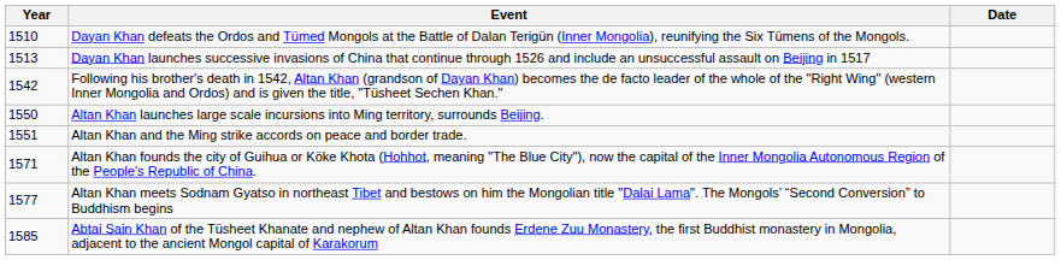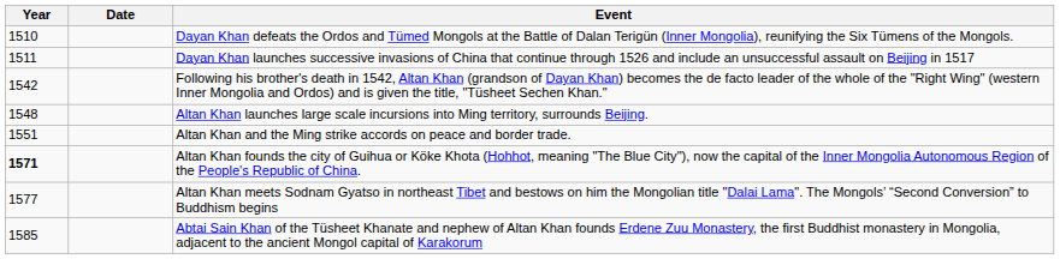 <table class="wikitable" width="100%">
 <tr>
 <th style="width:6%">Year</th>
+<th style="width:10%">Date</th>
 <th>Event</th>
-<th style="width:10%">Date</th>
 </tr>
 <tr>
 <td>1510</td>
+<td></td>
 <td><a href='#'>Dayan Khan</a> defeats the Ordos and <a href='#'>Tümed</a> Mongols at the Battle of Dalan Terigün (<a href='#'>Inner Mongolia</a>), reunifying the Six Tümens of the Mongols.</td>
-<td></td>
 </tr>
 <tr>
-<td>1513</td>
+<td>1511</td>
+<td></td>
 <td><a href='#'>Dayan Khan</a> launches successive invasions of China that continue through 1526 and include an unsuccessful assault on <a href='#'>Beijing</a> in 1517</td>
-<td></td>
 </tr>
 <tr>
 <td>1542</td>
+<td></td>
 <td>Following his brother's death in 1542, <a href='#'>Altan Khan</a> (grandson of <a href='#'>Dayan Khan</a>) becomes the de facto leader of the whole of the "Right Wing" (western Inner Mongolia and Ordos) and is given the title, "Tüsheet Sechen Khan."</td>
-<td></td>
 </tr>
 <tr>
-<td>1550</td>
+<td>1548</td>
+<td></td>
 <td><a href='#'>Altan Khan</a> launches large scale incursions into Ming territory, surrounds <a href='#'>Beijing</a>.</td>
-<td></td>
 </tr>
 <tr>
 <td>1551</td>
+<td></td>
 <td>Altan Khan and the Ming strike accords on peace and border trade.</td>
-<td></td>
 </tr>
 <tr>
-<td>1571</td>
+<td><strong>1571</strong></td>
+<td></td>
 <td>Altan Khan founds the city of Guihua or Köke Khota (<a href='#'>Hohhot</a>, meaning "The Blue City"), now the capital of the <a href='#'>Inner Mongolia Autonomous Region</a> of the <a href='#'>People's Republic of China</a>.</td>
-<td></td>
 </tr>
 <tr>
 <td>1577</td>
+<td></td>
 <td>Altan Khan meets Sodnam Gyatso in northeast <a href='#'>Tibet</a> and bestows on him the Mongolian title "<a href='#'>Dalai Lama</a>".  The Mongols’ “Second Conversion” to Buddhism begins</td>
-<td></td>
 </tr>
 <tr>
 <td>1585</td>
+<td></td>
 <td><a href='#'>Abtai Sain Khan</a> of the Tüsheet Khanate and nephew of Altan Khan founds <a href='#'>Erdene Zuu Monastery</a>, the first Buddhist monastery in Mongolia, adjacent to the ancient Mongol capital of <a href='#'>Karakorum</a></td>
-<td></td>
 </tr>
 </table>
